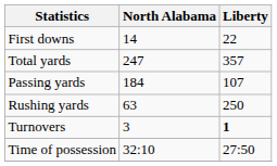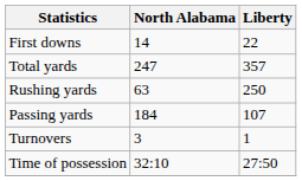 <table class="wikitable">
 <tr>
 <th>Statistics</th>
 <th>North Alabama</th>
 <th>Liberty</th>
 </tr>
 <tr>
 <td>First downs</td>
 <td>14</td>
 <td>22</td>
 </tr>
 <tr>
 <td>Total yards</td>
 <td>247</td>
 <td>357</td>
 </tr>
 <tr>
+<td>Rushing yards</td>
+<td>63</td>
+<td>250</td>
+</tr>
+<tr>
 <td>Passing yards</td>
 <td>184</td>
 <td>107</td>
 </tr>
 <tr>
-<td>Rushing yards</td>
-<td>63</td>
-<td>250</td>
-</tr>
-<tr>
 <td>Turnovers</td>
 <td>3</td>
-<td><strong>1</strong></td>
+<td>1</td>
 </tr>
 <tr>
 <td>Time of possession</td>
 <td>32:10</td>
 <td>27:50</td>
 </tr>
 <tr>
 </tr>
 </table>
